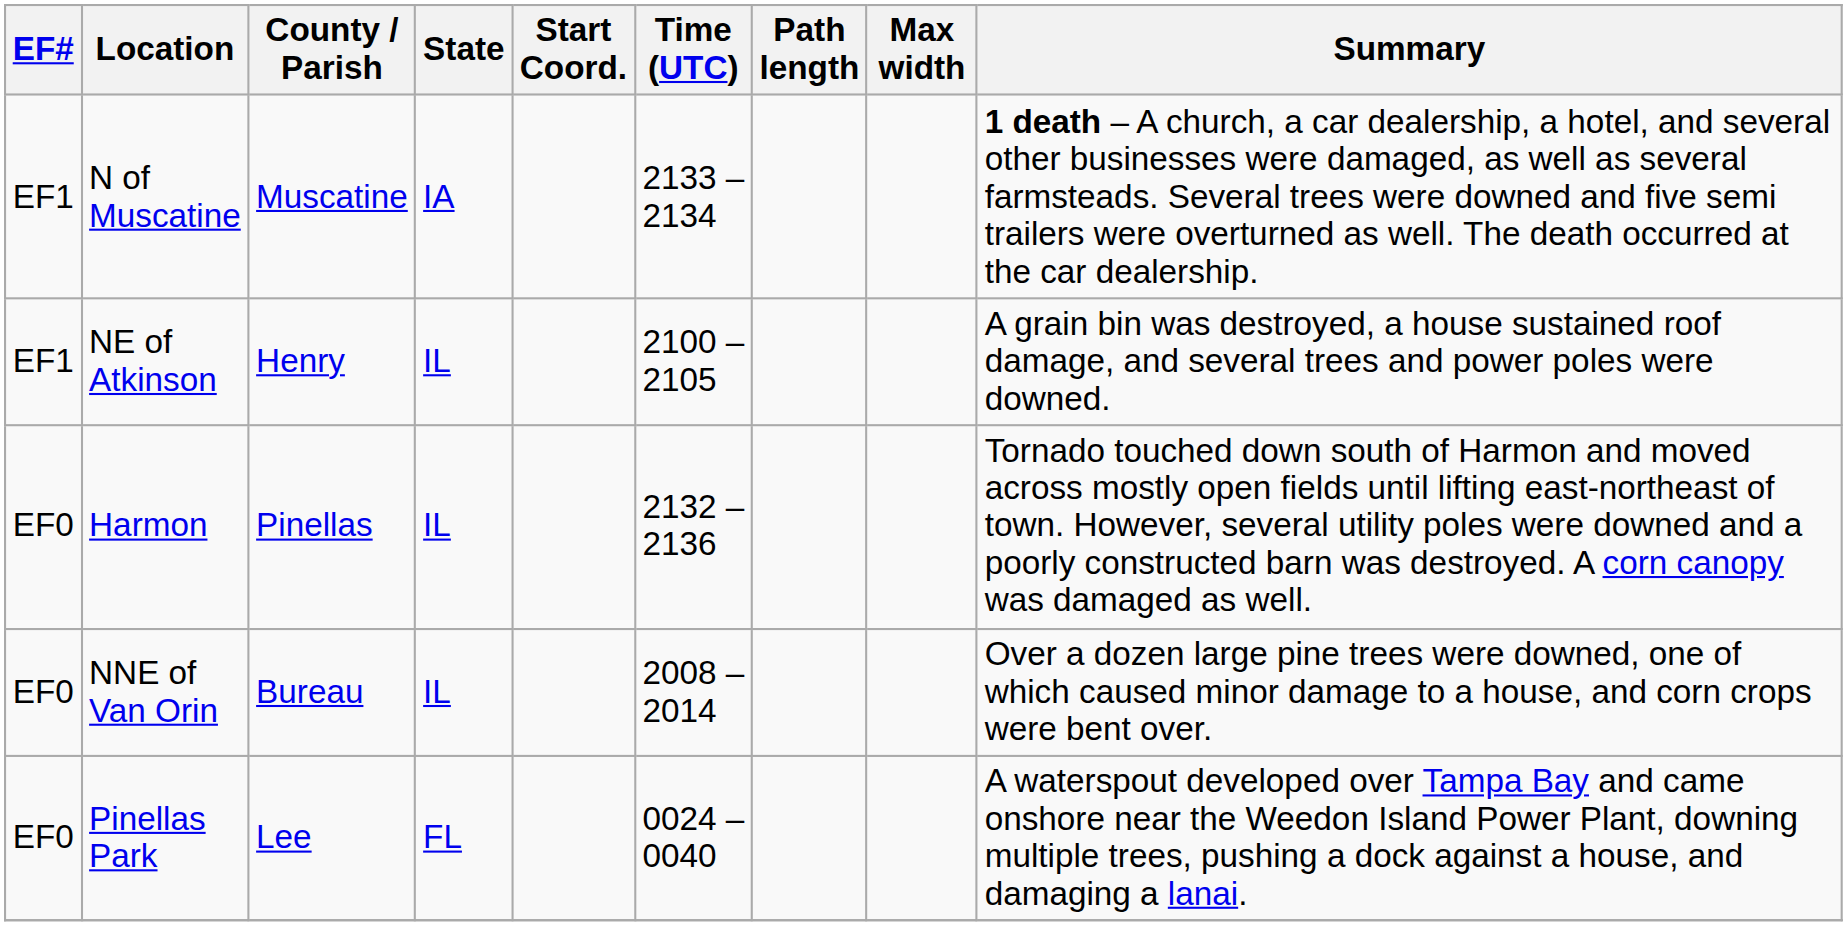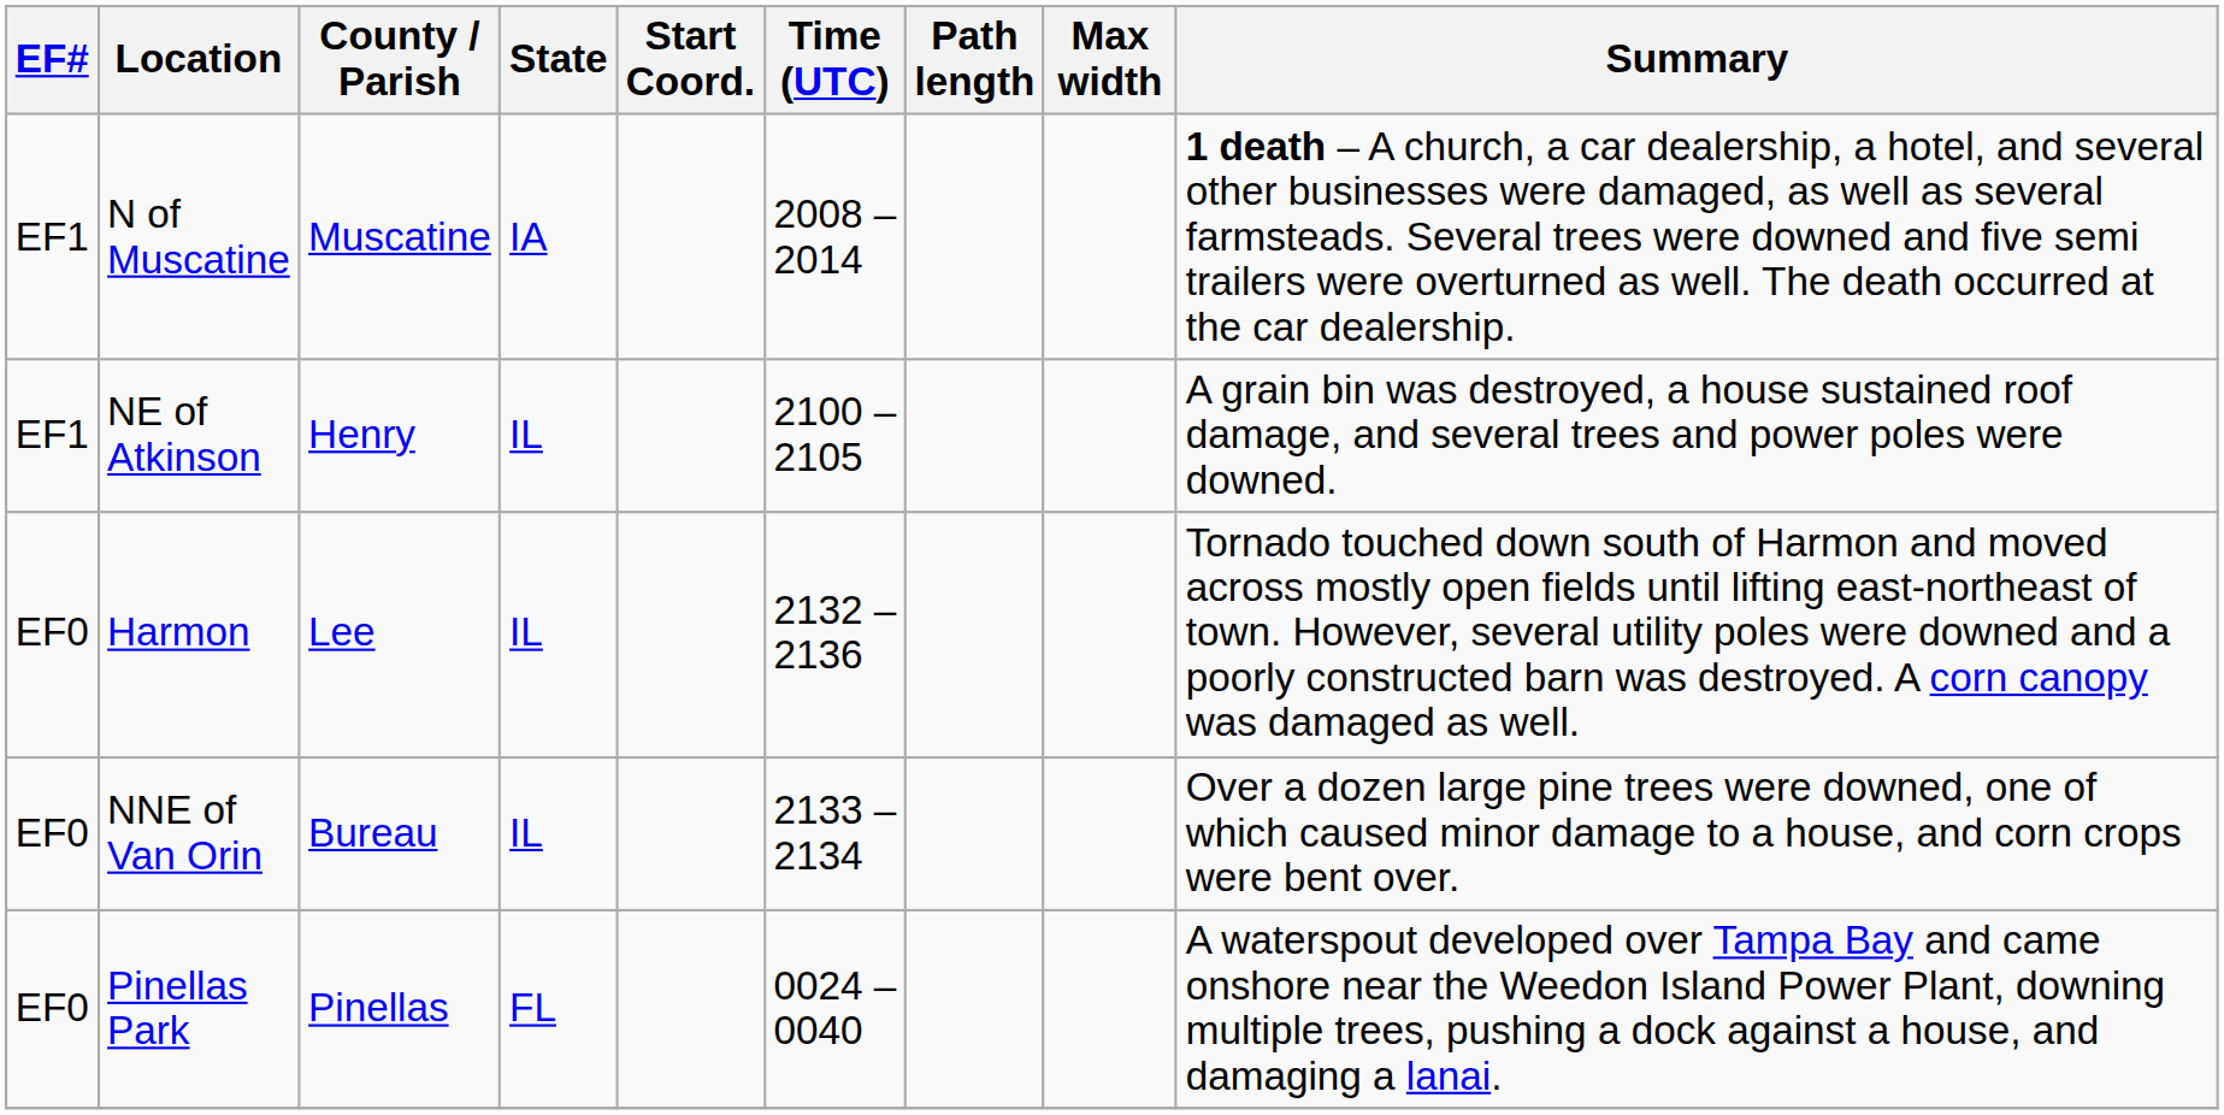 <table class="wikitable sortable" style="width:100%;">
 <tr>
 <th scope="col" width="3%" align="center"><a href='#'>EF#</a></th>
 <th scope="col" width="7%" align="center" class="unsortable">Location</th>
 <th scope="col" width="6%" align="center" class="unsortable">County / Parish</th>
 <th scope="col" width="5%" align="center">State</th>
 <th scope="col" width="6%" align="center">Start Coord.</th>
 <th scope="col" width="6%" align="center">Time (<a href='#'>UTC</a>)</th>
 <th scope="col" width="6%" align="center">Path length</th>
 <th scope="col" width="6%" align="center">Max width</th>
 <th scope="col" width="48%" class="unsortable" align="center">Summary</th>
 </tr>
 <tr>
 <td>EF1</td>
 <td>N of <a href='#'>Muscatine</a></td>
 <td><a href='#'>Muscatine</a></td>
 <td><a href='#'>IA</a></td>
 <td></td>
-<td>2133 – 2134</td>
+<td>2008 – 2014</td>
 <td></td>
 <td></td>
 <td><strong>1 death</strong> – A church, a car dealership, a hotel, and several other businesses were damaged, as well as several farmsteads. Several trees were downed and five semi trailers were overturned as well. The death occurred at the car dealership.</td>
 </tr>
 <tr>
 <td>EF1</td>
 <td>NE of <a href='#'>Atkinson</a></td>
 <td><a href='#'>Henry</a></td>
 <td><a href='#'>IL</a></td>
 <td></td>
 <td>2100 – 2105</td>
 <td></td>
 <td></td>
 <td>A grain bin was destroyed, a house sustained roof damage, and several trees and power poles were downed.</td>
 </tr>
 <tr>
 <td>EF0</td>
 <td><a href='#'>Harmon</a></td>
-<td><a href='#'>Pinellas</a></td>
+<td><a href='#'>Lee</a></td>
 <td><a href='#'>IL</a></td>
 <td></td>
 <td>2132 – 2136</td>
 <td></td>
 <td></td>
 <td>Tornado touched down south of Harmon and moved across mostly open fields until lifting east-northeast of town. However, several utility poles were downed and a poorly constructed barn was destroyed. A <a href='#'>corn canopy</a> was damaged as well.</td>
 </tr>
 <tr>
 <td>EF0</td>
 <td>NNE of <a href='#'>Van Orin</a></td>
 <td><a href='#'>Bureau</a></td>
 <td><a href='#'>IL</a></td>
 <td></td>
-<td>2008 – 2014</td>
+<td>2133 – 2134</td>
 <td></td>
 <td></td>
 <td>Over a dozen large pine trees were downed, one of which caused minor damage to a house, and corn crops were bent over.</td>
 </tr>
 <tr>
 <td>EF0</td>
 <td><a href='#'>Pinellas Park</a></td>
-<td><a href='#'>Lee</a></td>
+<td><a href='#'>Pinellas</a></td>
 <td><a href='#'>FL</a></td>
 <td></td>
 <td>0024 – 0040</td>
 <td></td>
 <td></td>
 <td>A waterspout developed over <a href='#'>Tampa Bay</a> and came onshore near the Weedon Island Power Plant, downing multiple trees, pushing a dock against a house, and damaging a <a href='#'>lanai</a>.</td>
 </tr>
 <tr>
 </tr>
 </table>
